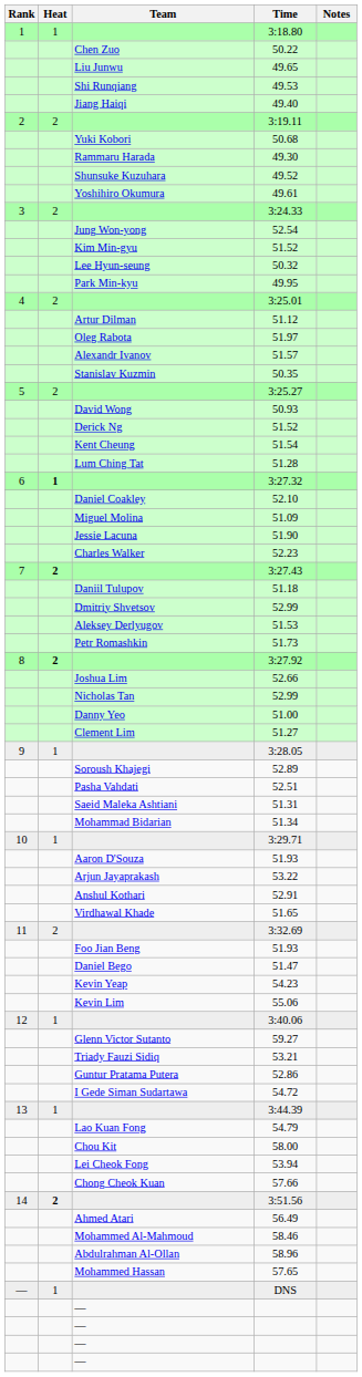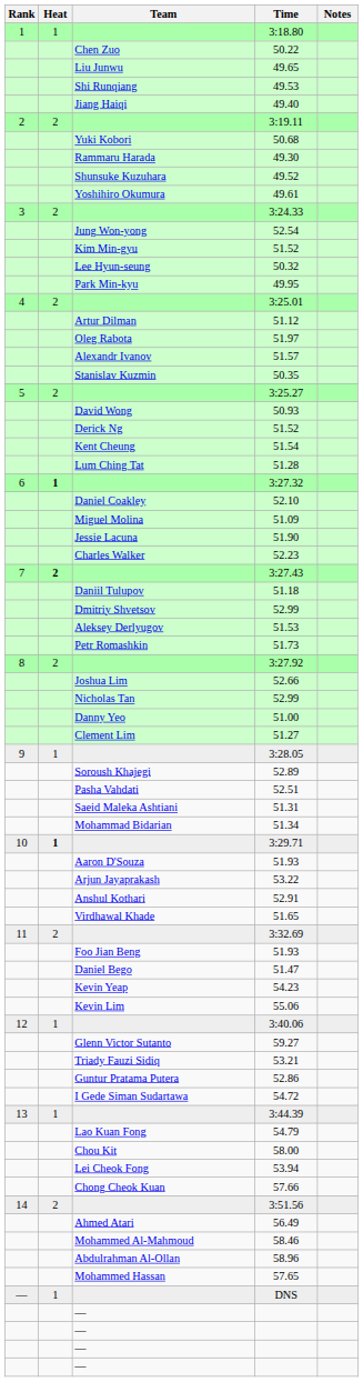 <table class="wikitable" style="text-align:center">
 <tr>
 <th width=40>Rank</th>
 <th width=40>Heat</th>
 <th width=250>Team</th>
 <th width=80>Time</th>
 <th width=50>Notes</th>
 </tr>
 <tr bgcolor="aaffaa">
 <td>1</td>
 <td>1</td>
 <td align=left></td>
 <td>3:18.80</td>
 <td></td>
 </tr>
 <tr bgcolor="ccffcc">
 <td></td>
 <td></td>
 <td align=left><a href='#'>Chen Zuo</a></td>
 <td>50.22</td>
 <td></td>
 </tr>
 <tr bgcolor="ccffcc">
 <td></td>
 <td></td>
 <td align=left><a href='#'>Liu Junwu</a></td>
 <td>49.65</td>
 <td></td>
 </tr>
 <tr bgcolor="ccffcc">
 <td></td>
 <td></td>
 <td align=left><a href='#'>Shi Runqiang</a></td>
 <td>49.53</td>
 <td></td>
 </tr>
 <tr bgcolor="ccffcc">
 <td></td>
 <td></td>
 <td align=left><a href='#'>Jiang Haiqi</a></td>
 <td>49.40</td>
 <td></td>
 </tr>
 <tr bgcolor="aaffaa">
 <td>2</td>
 <td>2</td>
 <td align=left></td>
 <td>3:19.11</td>
 <td></td>
 </tr>
 <tr bgcolor="ccffcc">
 <td></td>
 <td></td>
 <td align=left><a href='#'>Yuki Kobori</a></td>
 <td>50.68</td>
 <td></td>
 </tr>
 <tr bgcolor="ccffcc">
 <td></td>
 <td></td>
 <td align=left><a href='#'>Rammaru Harada</a></td>
 <td>49.30</td>
 <td></td>
 </tr>
 <tr bgcolor="ccffcc">
 <td></td>
 <td></td>
 <td align=left><a href='#'>Shunsuke Kuzuhara</a></td>
 <td>49.52</td>
 <td></td>
 </tr>
 <tr bgcolor="ccffcc">
 <td></td>
 <td></td>
 <td align=left><a href='#'>Yoshihiro Okumura</a></td>
 <td>49.61</td>
 <td></td>
 </tr>
 <tr bgcolor="aaffaa">
 <td>3</td>
 <td>2</td>
 <td align=left></td>
 <td>3:24.33</td>
 <td></td>
 </tr>
 <tr bgcolor="ccffcc">
 <td></td>
 <td></td>
 <td align=left><a href='#'>Jung Won-yong</a></td>
 <td>52.54</td>
 <td></td>
 </tr>
 <tr bgcolor="ccffcc">
 <td></td>
 <td></td>
 <td align=left><a href='#'>Kim Min-gyu</a></td>
 <td>51.52</td>
 <td></td>
 </tr>
 <tr bgcolor="ccffcc">
 <td></td>
 <td></td>
 <td align=left><a href='#'>Lee Hyun-seung</a></td>
 <td>50.32</td>
 <td></td>
 </tr>
 <tr bgcolor="ccffcc">
 <td></td>
 <td></td>
 <td align=left><a href='#'>Park Min-kyu</a></td>
 <td>49.95</td>
 <td></td>
 </tr>
 <tr bgcolor="aaffaa">
 <td>4</td>
 <td>2</td>
 <td align=left></td>
 <td>3:25.01</td>
 <td></td>
 </tr>
 <tr bgcolor="ccffcc">
 <td></td>
 <td></td>
 <td align=left><a href='#'>Artur Dilman</a></td>
 <td>51.12</td>
 <td></td>
 </tr>
 <tr bgcolor="ccffcc">
 <td></td>
 <td></td>
 <td align=left><a href='#'>Oleg Rabota</a></td>
 <td>51.97</td>
 <td></td>
 </tr>
 <tr bgcolor="ccffcc">
 <td></td>
 <td></td>
 <td align=left><a href='#'>Alexandr Ivanov</a></td>
 <td>51.57</td>
 <td></td>
 </tr>
 <tr bgcolor="ccffcc">
 <td></td>
 <td></td>
 <td align=left><a href='#'>Stanislav Kuzmin</a></td>
 <td>50.35</td>
 <td></td>
 </tr>
 <tr bgcolor="aaffaa">
 <td>5</td>
 <td>2</td>
 <td align=left></td>
 <td>3:25.27</td>
 <td></td>
 </tr>
 <tr bgcolor="ccffcc">
 <td></td>
 <td></td>
 <td align=left><a href='#'>David Wong</a></td>
 <td>50.93</td>
 <td></td>
 </tr>
 <tr bgcolor="ccffcc">
 <td></td>
 <td></td>
 <td align=left><a href='#'>Derick Ng</a></td>
 <td>51.52</td>
 <td></td>
 </tr>
 <tr bgcolor="ccffcc">
 <td></td>
 <td></td>
 <td align=left><a href='#'>Kent Cheung</a></td>
 <td>51.54</td>
 <td></td>
 </tr>
 <tr bgcolor="ccffcc">
 <td></td>
 <td></td>
 <td align=left><a href='#'>Lum Ching Tat</a></td>
 <td>51.28</td>
 <td></td>
 </tr>
 <tr bgcolor="aaffaa">
 <td>6</td>
 <td><strong>1</strong></td>
 <td align=left></td>
 <td>3:27.32</td>
 <td></td>
 </tr>
 <tr bgcolor="ccffcc">
 <td></td>
 <td></td>
 <td align=left><a href='#'>Daniel Coakley</a></td>
 <td>52.10</td>
 <td></td>
 </tr>
 <tr bgcolor="ccffcc">
 <td></td>
 <td></td>
 <td align=left><a href='#'>Miguel Molina</a></td>
 <td>51.09</td>
 <td></td>
 </tr>
 <tr bgcolor="ccffcc">
 <td></td>
 <td></td>
 <td align=left><a href='#'>Jessie Lacuna</a></td>
 <td>51.90</td>
 <td></td>
 </tr>
 <tr bgcolor="ccffcc">
 <td></td>
 <td></td>
 <td align=left><a href='#'>Charles Walker</a></td>
 <td>52.23</td>
 <td></td>
 </tr>
 <tr bgcolor="aaffaa">
 <td>7</td>
 <td><strong>2</strong></td>
 <td align=left></td>
 <td>3:27.43</td>
 <td></td>
 </tr>
 <tr bgcolor="ccffcc">
 <td></td>
 <td></td>
 <td align=left><a href='#'>Daniil Tulupov</a></td>
 <td>51.18</td>
 <td></td>
 </tr>
 <tr bgcolor="ccffcc">
 <td></td>
 <td></td>
 <td align=left><a href='#'>Dmitriy Shvetsov</a></td>
 <td>52.99</td>
 <td></td>
 </tr>
 <tr bgcolor="ccffcc">
 <td></td>
 <td></td>
 <td align=left><a href='#'>Aleksey Derlyugov</a></td>
 <td>51.53</td>
 <td></td>
 </tr>
 <tr bgcolor="ccffcc">
 <td></td>
 <td></td>
 <td align=left><a href='#'>Petr Romashkin</a></td>
 <td>51.73</td>
 <td></td>
 </tr>
 <tr bgcolor="aaffaa">
 <td>8</td>
-<td><strong>2</strong></td>
+<td>2</td>
 <td align=left></td>
 <td>3:27.92</td>
 <td></td>
 </tr>
 <tr bgcolor="ccffcc">
 <td></td>
 <td></td>
 <td align=left><a href='#'>Joshua Lim</a></td>
 <td>52.66</td>
 <td></td>
 </tr>
 <tr bgcolor="ccffcc">
 <td></td>
 <td></td>
 <td align=left><a href='#'>Nicholas Tan</a></td>
 <td>52.99</td>
 <td></td>
 </tr>
 <tr bgcolor="ccffcc">
 <td></td>
 <td></td>
 <td align=left><a href='#'>Danny Yeo</a></td>
 <td>51.00</td>
 <td></td>
 </tr>
 <tr bgcolor="ccffcc">
 <td></td>
 <td></td>
 <td align=left><a href='#'>Clement Lim</a></td>
 <td>51.27</td>
 <td></td>
 </tr>
 <tr bgcolor=eeeeee>
 <td>9</td>
 <td>1</td>
 <td align=left></td>
 <td>3:28.05</td>
 <td></td>
 </tr>
 <tr>
 <td></td>
 <td></td>
 <td align=left><a href='#'>Soroush Khajegi</a></td>
 <td>52.89</td>
 <td></td>
 </tr>
 <tr>
 <td></td>
 <td></td>
 <td align=left><a href='#'>Pasha Vahdati</a></td>
 <td>52.51</td>
 <td></td>
 </tr>
 <tr>
 <td></td>
 <td></td>
 <td align=left><a href='#'>Saeid Maleka Ashtiani</a></td>
 <td>51.31</td>
 <td></td>
 </tr>
 <tr>
 <td></td>
 <td></td>
 <td align=left><a href='#'>Mohammad Bidarian</a></td>
 <td>51.34</td>
 <td></td>
 </tr>
 <tr bgcolor=eeeeee>
 <td>10</td>
-<td>1</td>
+<td><strong>1</strong></td>
 <td align=left></td>
 <td>3:29.71</td>
 <td></td>
 </tr>
 <tr>
 <td></td>
 <td></td>
 <td align=left><a href='#'>Aaron D'Souza</a></td>
 <td>51.93</td>
 <td></td>
 </tr>
 <tr>
 <td></td>
 <td></td>
 <td align=left><a href='#'>Arjun Jayaprakash</a></td>
 <td>53.22</td>
 <td></td>
 </tr>
 <tr>
 <td></td>
 <td></td>
 <td align=left><a href='#'>Anshul Kothari</a></td>
 <td>52.91</td>
 <td></td>
 </tr>
 <tr>
 <td></td>
 <td></td>
 <td align=left><a href='#'>Virdhawal Khade</a></td>
 <td>51.65</td>
 <td></td>
 </tr>
 <tr bgcolor=eeeeee>
 <td>11</td>
 <td>2</td>
 <td align=left></td>
 <td>3:32.69</td>
 <td></td>
 </tr>
 <tr>
 <td></td>
 <td></td>
 <td align=left><a href='#'>Foo Jian Beng</a></td>
 <td>51.93</td>
 <td></td>
 </tr>
 <tr>
 <td></td>
 <td></td>
 <td align=left><a href='#'>Daniel Bego</a></td>
 <td>51.47</td>
 <td></td>
 </tr>
 <tr>
 <td></td>
 <td></td>
 <td align=left><a href='#'>Kevin Yeap</a></td>
 <td>54.23</td>
 <td></td>
 </tr>
 <tr>
 <td></td>
 <td></td>
 <td align=left><a href='#'>Kevin Lim</a></td>
 <td>55.06</td>
 <td></td>
 </tr>
 <tr bgcolor=eeeeee>
 <td>12</td>
 <td>1</td>
 <td align=left></td>
 <td>3:40.06</td>
 <td></td>
 </tr>
 <tr>
 <td></td>
 <td></td>
 <td align=left><a href='#'>Glenn Victor Sutanto</a></td>
 <td>59.27</td>
 <td></td>
 </tr>
 <tr>
 <td></td>
 <td></td>
 <td align=left><a href='#'>Triady Fauzi Sidiq</a></td>
 <td>53.21</td>
 <td></td>
 </tr>
 <tr>
 <td></td>
 <td></td>
 <td align=left><a href='#'>Guntur Pratama Putera</a></td>
 <td>52.86</td>
 <td></td>
 </tr>
 <tr>
 <td></td>
 <td></td>
 <td align=left><a href='#'>I Gede Siman Sudartawa</a></td>
 <td>54.72</td>
 <td></td>
 </tr>
 <tr bgcolor=eeeeee>
 <td>13</td>
 <td>1</td>
 <td align=left></td>
 <td>3:44.39</td>
 <td></td>
 </tr>
 <tr>
 <td></td>
 <td></td>
 <td align=left><a href='#'>Lao Kuan Fong</a></td>
 <td>54.79</td>
 <td></td>
 </tr>
 <tr>
 <td></td>
 <td></td>
 <td align=left><a href='#'>Chou Kit</a></td>
 <td>58.00</td>
 <td></td>
 </tr>
 <tr>
 <td></td>
 <td></td>
 <td align=left><a href='#'>Lei Cheok Fong</a></td>
 <td>53.94</td>
 <td></td>
 </tr>
 <tr>
 <td></td>
 <td></td>
 <td align=left><a href='#'>Chong Cheok Kuan</a></td>
 <td>57.66</td>
 <td></td>
 </tr>
 <tr bgcolor=eeeeee>
 <td>14</td>
-<td><strong>2</strong></td>
+<td>2</td>
 <td align=left></td>
 <td>3:51.56</td>
 <td></td>
 </tr>
 <tr>
 <td></td>
 <td></td>
 <td align=left><a href='#'>Ahmed Atari</a></td>
 <td>56.49</td>
 <td></td>
 </tr>
 <tr>
 <td></td>
 <td></td>
 <td align=left><a href='#'>Mohammed Al-Mahmoud</a></td>
 <td>58.46</td>
 <td></td>
 </tr>
 <tr>
 <td></td>
 <td></td>
 <td align=left><a href='#'>Abdulrahman Al-Ollan</a></td>
 <td>58.96</td>
 <td></td>
 </tr>
 <tr>
 <td></td>
 <td></td>
 <td align=left><a href='#'>Mohammed Hassan</a></td>
 <td>57.65</td>
 <td></td>
 </tr>
 <tr bgcolor=eeeeee>
 <td>—</td>
 <td>1</td>
 <td align=left></td>
 <td>DNS</td>
 <td></td>
 </tr>
 <tr>
 <td></td>
 <td></td>
 <td align=left>—</td>
 <td></td>
 <td></td>
 </tr>
 <tr>
 <td></td>
 <td></td>
 <td align=left>—</td>
 <td></td>
 <td></td>
 </tr>
 <tr>
 <td></td>
 <td></td>
 <td align=left>—</td>
 <td></td>
 <td></td>
 </tr>
 <tr>
 <td></td>
 <td></td>
 <td align=left>—</td>
 <td></td>
 <td></td>
 </tr>
 </table>
